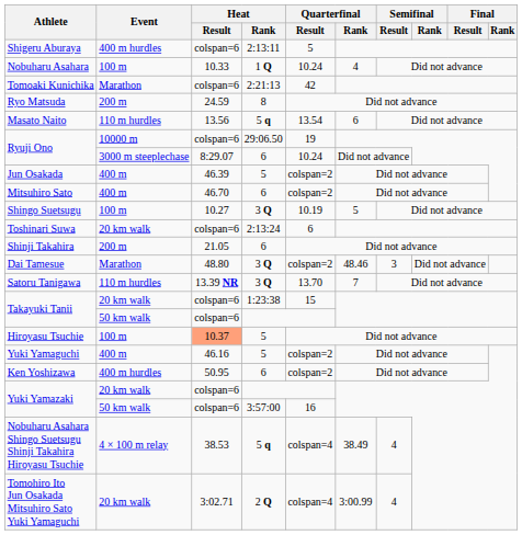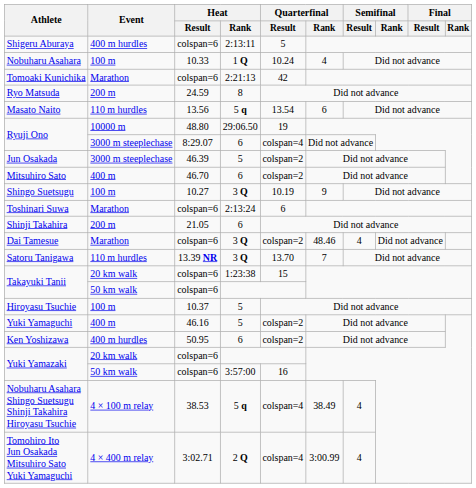 <table class=wikitable style="font-size:90%">
 <tr>
 <th rowspan="2">Athlete</th>
 <th rowspan="2">Event</th>
 <th colspan="2">Heat</th>
 <th colspan="2">Quarterfinal</th>
 <th colspan="2">Semifinal</th>
 <th colspan="2">Final</th>
 </tr>
 <tr style="font-size:95%">
 <th>Result</th>
 <th>Rank</th>
 <th>Result</th>
 <th>Rank</th>
 <th>Result</th>
 <th>Rank</th>
 <th>Result</th>
 <th>Rank</th>
 </tr>
 <tr align=center>
 <td align=left><a href='#'>Shigeru Aburaya</a></td>
 <td align=left><a href='#'>400 m hurdles</a></td>
 <td>colspan=6 </td>
 <td>2:13:11</td>
 <td>5</td>
 </tr>
 <tr align=center>
 <td align=left><a href='#'>Nobuharu Asahara</a></td>
 <td align=left><a href='#'>100 m</a></td>
 <td>10.33</td>
 <td>1 <strong>Q</strong></td>
 <td>10.24</td>
 <td>4</td>
 <td colspan=4>Did not advance</td>
 </tr>
 <tr align=center>
 <td align=left><a href='#'>Tomoaki Kunichika</a></td>
 <td align=left><a href='#'>Marathon</a></td>
 <td>colspan=6 </td>
 <td>2:21:13</td>
 <td>42</td>
 </tr>
 <tr align=center>
 <td align=left><a href='#'>Ryo Matsuda</a></td>
 <td align=left><a href='#'>200 m</a></td>
 <td>24.59</td>
 <td>8</td>
 <td colspan=6>Did not advance</td>
 </tr>
 <tr align=center>
 <td align=left><a href='#'>Masato Naito</a></td>
 <td align=left><a href='#'>110 m hurdles</a></td>
 <td>13.56</td>
 <td>5 <strong>q</strong></td>
 <td>13.54</td>
 <td>6</td>
 <td colspan=4>Did not advance</td>
 </tr>
 <tr align=center>
 <td align=left rowspan=2><a href='#'>Ryuji Ono</a></td>
 <td align=left><a href='#'>10000 m</a></td>
-<td>colspan=6 </td>
+<td>48.80</td>
 <td>29:06.50</td>
 <td>19</td>
 </tr>
 <tr align=center>
 <td align=left><a href='#'>3000 m steeplechase</a></td>
 <td>8:29.07</td>
 <td>6</td>
-<td>10.24</td>
+<td>colspan=4 </td>
 <td colspan=2>Did not advance</td>
 </tr>
 <tr align=center>
 <td align=left><a href='#'>Jun Osakada</a></td>
-<td align=left><a href='#'>400 m</a></td>
+<td align=left><a href='#'>3000 m steeplechase</a></td>
 <td>46.39</td>
 <td>5</td>
 <td>colspan=2 </td>
 <td colspan =4>Did not advance</td>
 </tr>
 <tr align=center>
 <td align=left><a href='#'>Mitsuhiro Sato</a></td>
 <td align=left><a href='#'>400 m</a></td>
 <td>46.70</td>
 <td>6</td>
 <td>colspan=2 </td>
 <td colspan =4>Did not advance</td>
 </tr>
 <tr align=center>
 <td align=left><a href='#'>Shingo Suetsugu</a></td>
 <td align=left><a href='#'>100 m</a></td>
 <td>10.27</td>
 <td>3 <strong>Q</strong></td>
 <td>10.19</td>
-<td>5</td>
+<td>9</td>
 <td colspan=4>Did not advance</td>
 </tr>
 <tr align=center>
 <td align=left><a href='#'>Toshinari Suwa</a></td>
-<td align=left><a href='#'>20 km walk</a></td>
+<td align=left><a href='#'>Marathon</a></td>
 <td>colspan=6 </td>
 <td>2:13:24</td>
 <td>6</td>
 </tr>
 <tr align=center>
 <td align=left><a href='#'>Shinji Takahira</a></td>
 <td align=left><a href='#'>200 m</a></td>
 <td>21.05</td>
 <td>6</td>
 <td colspan=6>Did not advance</td>
 </tr>
 <tr align=center>
 <td align=left><a href='#'>Dai Tamesue</a></td>
 <td align=left><a href='#'>Marathon</a></td>
-<td>48.80</td>
+<td>colspan=6 </td>
 <td>3 <strong>Q</strong></td>
 <td>colspan=2 </td>
 <td>48.46</td>
-<td>3</td>
+<td>4</td>
 <td colspan=2>Did not advance</td>
 </tr>
 <tr align=center>
 <td align=left><a href='#'>Satoru Tanigawa</a></td>
 <td align=left><a href='#'>110 m hurdles</a></td>
 <td>13.39 <strong><a href='#'>NR</a></strong></td>
 <td>3 <strong>Q</strong></td>
 <td>13.70</td>
 <td>7</td>
 <td colspan=4>Did not advance</td>
 </tr>
 <tr align=center>
 <td align=left rowspan=2><a href='#'>Takayuki Tanii</a></td>
 <td align=left><a href='#'>20 km walk</a></td>
 <td>colspan=6 </td>
 <td>1:23:38</td>
 <td>15</td>
 </tr>
 <tr align=center>
 <td align=left><a href='#'>50 km walk</a></td>
 <td>colspan=6 </td>
 <td colspan=2></td>
 </tr>
 <tr align=center>
 <td align=left><a href='#'>Hiroyasu Tsuchie</a></td>
 <td align=left><a href='#'>100 m</a></td>
-<td style="background: lightsalmon;">10.37</td>
+<td>10.37</td>
 <td>5</td>
 <td colspan=6>Did not advance</td>
 </tr>
 <tr align=center>
 <td align=left><a href='#'>Yuki Yamaguchi</a></td>
 <td align=left><a href='#'>400 m</a></td>
 <td>46.16</td>
 <td>5</td>
 <td>colspan=2 </td>
 <td colspan =4>Did not advance</td>
 </tr>
 <tr align=center>
 <td align=left><a href='#'>Ken Yoshizawa</a></td>
 <td align=left><a href='#'>400 m hurdles</a></td>
 <td>50.95</td>
 <td>6</td>
 <td>colspan=2 </td>
 <td colspan=4>Did not advance</td>
 </tr>
 <tr align=center>
 <td align=left rowspan=2><a href='#'>Yuki Yamazaki</a></td>
 <td align=left><a href='#'>20 km walk</a></td>
 <td>colspan=6 </td>
 <td colspan=2></td>
 </tr>
 <tr align=center>
 <td align=left><a href='#'>50 km walk</a></td>
 <td>colspan=6 </td>
 <td>3:57:00</td>
 <td>16</td>
 </tr>
 <tr align=center>
 <td align=left><a href='#'>Nobuharu Asahara</a><br><a href='#'>Shingo Suetsugu</a><br><a href='#'>Shinji Takahira</a><br><a href='#'>Hiroyasu Tsuchie</a></td>
 <td align=left><a href='#'>4 × 100 m relay</a></td>
 <td>38.53</td>
 <td>5 <strong>q</strong></td>
 <td>colspan=4 </td>
 <td>38.49</td>
 <td>4</td>
 </tr>
 <tr align=center>
 <td align=left><a href='#'>Tomohiro Ito</a><br><a href='#'>Jun Osakada</a><br><a href='#'>Mitsuhiro Sato</a><br><a href='#'>Yuki Yamaguchi</a></td>
-<td align=left><a href='#'>20 km walk</a></td>
+<td align=left><a href='#'>4 × 400 m relay</a></td>
 <td>3:02.71</td>
 <td>2 <strong>Q</strong></td>
 <td>colspan=4 </td>
 <td>3:00.99</td>
 <td>4</td>
 </tr>
 </table>
